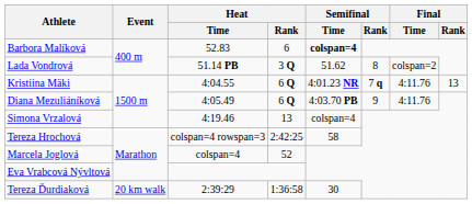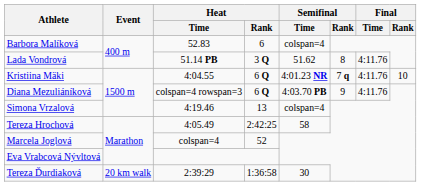 <table class=wikitable style=font-size:90%;text-align:center>
 <tr>
 <th rowspan=2>Athlete</th>
 <th rowspan=2>Event</th>
 <th colspan=2>Heat</th>
 <th colspan=2>Semifinal</th>
 <th colspan=2>Final</th>
 </tr>
 <tr style=font-size:95%>
 <th>Time</th>
 <th>Rank</th>
 <th>Time</th>
 <th>Rank</th>
 <th>Time</th>
 <th>Rank</th>
 </tr>
 <tr>
 <td align=left><a href='#'>Barbora Malíková</a></td>
 <td align=left rowspan=2><a href='#'>400 m</a></td>
 <td>52.83</td>
 <td>6</td>
-<td><strong>colspan=4 </strong></td>
+<td>colspan=4 </td>
 </tr>
 <tr>
 <td align=left><a href='#'>Lada Vondrová</a></td>
 <td>51.14 <strong>PB</strong></td>
 <td>3 <strong>Q</strong></td>
 <td>51.62</td>
 <td>8</td>
-<td>colspan=2 </td>
+<td>4:11.76</td>
 </tr>
 <tr>
 <td align=left><a href='#'>Kristiina Mäki</a></td>
 <td align=left rowspan=3><a href='#'>1500 m</a></td>
 <td>4:04.55</td>
 <td>6 <strong>Q</strong></td>
 <td>4:01.23 <strong><a href='#'>NR</a></strong></td>
 <td>7 <strong>q</strong></td>
 <td>4:11.76</td>
-<td>13</td>
+<td>10</td>
 </tr>
 <tr>
 <td align=left><a href='#'>Diana Mezuliáníková</a></td>
-<td>4:05.49</td>
+<td>colspan=4 rowspan=3 </td>
 <td>6 <strong>Q</strong></td>
 <td>4:03.70 <strong>PB</strong></td>
 <td>9</td>
 <td>4:11.76</td>
 </tr>
 <tr>
 <td align=left><a href='#'>Simona Vrzalová</a></td>
 <td>4:19.46</td>
 <td>13</td>
 <td>colspan=4 </td>
 </tr>
 <tr>
 <td align=left><a href='#'>Tereza Hrochová</a></td>
 <td align=left rowspan=3><a href='#'>Marathon</a></td>
-<td>colspan=4 rowspan=3 </td>
+<td>4:05.49</td>
 <td>2:42:25</td>
 <td>58</td>
 </tr>
 <tr>
 <td align=left><a href='#'>Marcela Joglová</a></td>
 <td>colspan=4 </td>
 <td>52</td>
 </tr>
 <tr>
 <td align=left><a href='#'>Eva Vrabcová Nývltová</a></td>
 <td colspan=2></td>
 </tr>
 <tr>
 <td align=left><a href='#'>Tereza Ďurdiaková</a></td>
 <td align=left><a href='#'>20 km walk</a></td>
 <td>2:39:29</td>
 <td>1:36:58</td>
 <td>30</td>
 </tr>
 </table>
